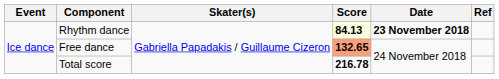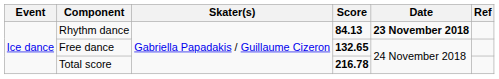 <table class="wikitable sortable">
 <tr>
 <th>Event</th>
 <th>Component</th>
 <th>Skater(s)</th>
 <th>Score</th>
 <th>Date</th>
 <th>Ref</th>
 </tr>
 <tr>
 <td rowspan=3><a href='#'>Ice dance</a></td>
 <td>Rhythm dance</td>
 <td rowspan=3> <a href='#'>Gabriella Papadakis</a> / <a href='#'>Guillaume Cizeron</a></td>
-<td style="background: lightyellow;"><strong>84.13</strong></td>
+<td><strong>84.13</strong></td>
 <td><strong>23 November 2018</strong></td>
 <td></td>
 </tr>
 <tr>
 <td>Free dance</td>
-<td style="background: lightsalmon;"><strong>132.65</strong></td>
+<td><strong>132.65</strong></td>
 <td rowspan=2>24 November 2018</td>
 <td></td>
 </tr>
 <tr>
 <td>Total score</td>
 <td><strong>216.78</strong></td>
 <td></td>
 </tr>
 </table>
